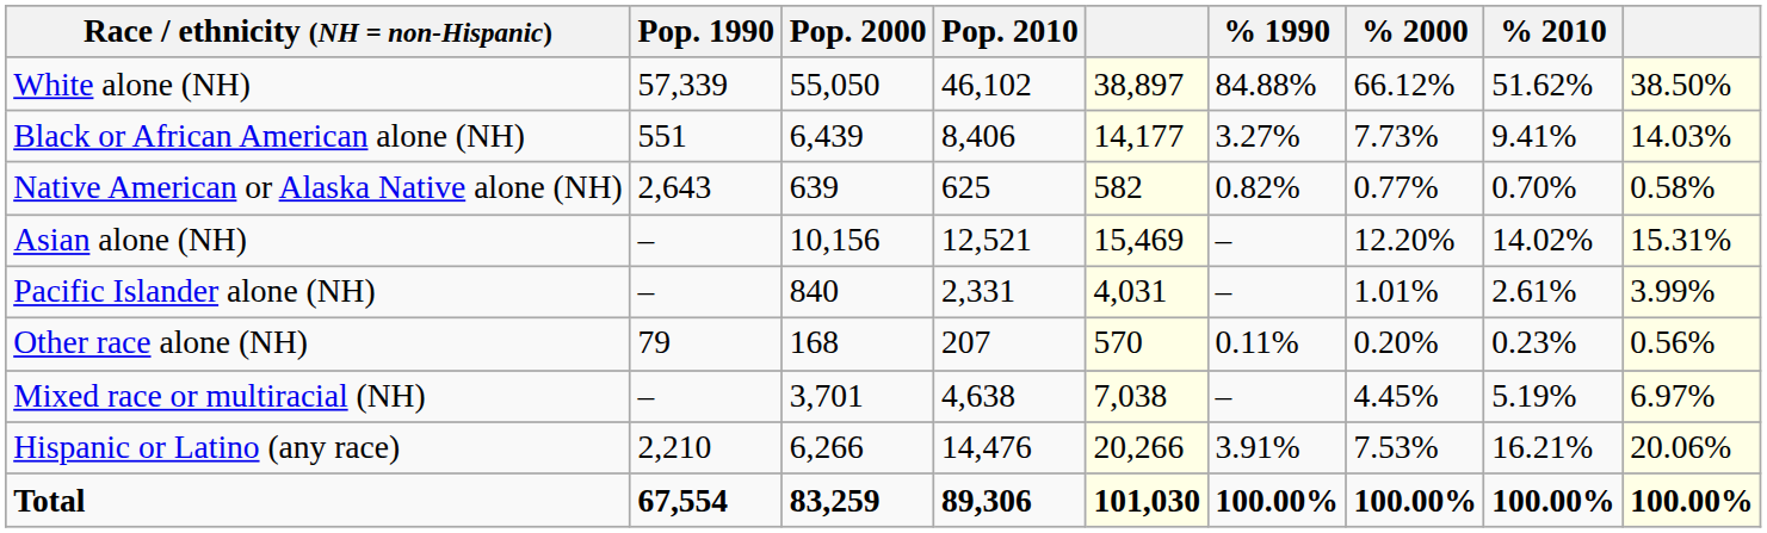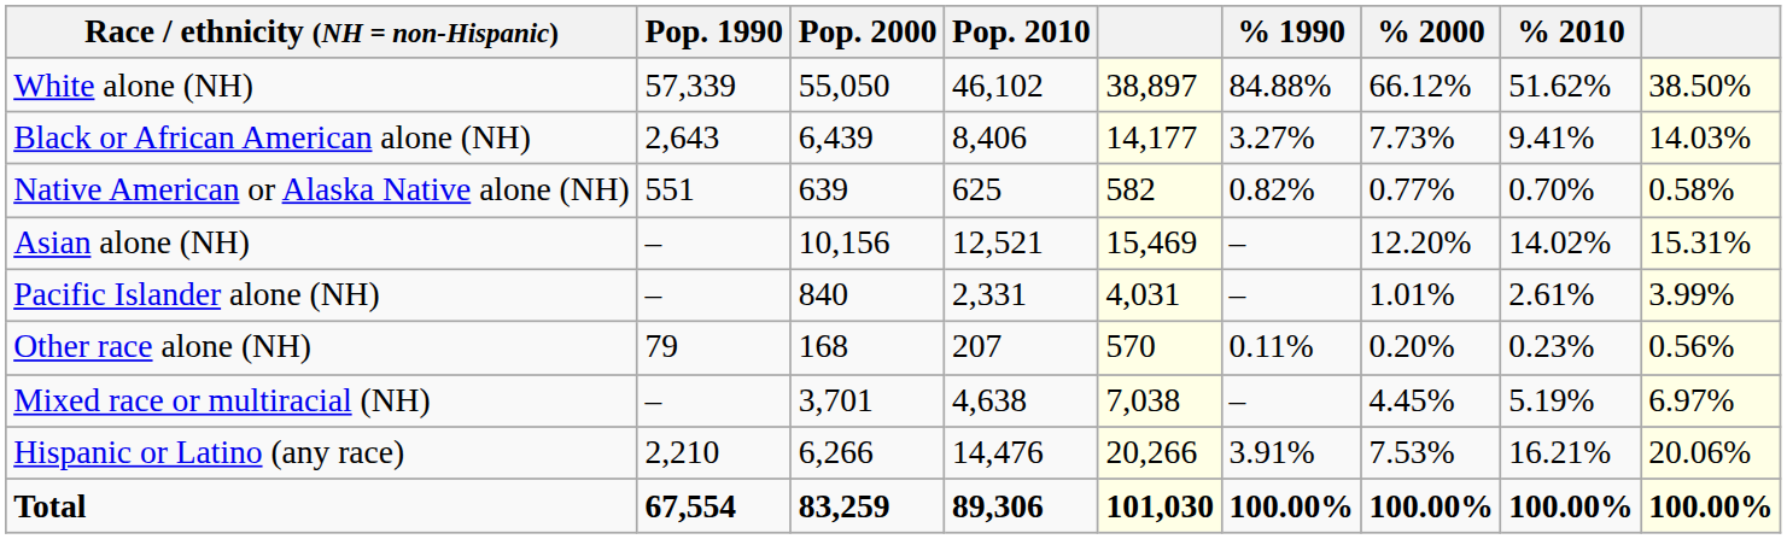 <table class="wikitable">
 <tr>
 <th>Race / ethnicity <small>(<em>NH = non-Hispanic</em>)</small></th>
 <th>Pop. 1990</th>
 <th>Pop. 2000</th>
 <th>Pop. 2010</th>
 <th></th>
 <th>% 1990</th>
 <th>% 2000</th>
 <th>% 2010</th>
 <th></th>
 </tr>
 <tr>
 <td><a href='#'>White</a> alone (NH)</td>
 <td>57,339</td>
 <td>55,050</td>
 <td>46,102</td>
 <td style='background: #ffffe6;'>38,897</td>
 <td>84.88%</td>
 <td>66.12%</td>
 <td>51.62%</td>
 <td style='background: #ffffe6;'>38.50%</td>
 </tr>
 <tr>
 <td><a href='#'>Black or African American</a> alone (NH)</td>
-<td>551</td>
+<td>2,643</td>
 <td>6,439</td>
 <td>8,406</td>
 <td style='background: #ffffe6;'>14,177</td>
 <td>3.27%</td>
 <td>7.73%</td>
 <td>9.41%</td>
 <td style='background: #ffffe6;'>14.03%</td>
 </tr>
 <tr>
 <td><a href='#'>Native American</a> or <a href='#'>Alaska Native</a> alone (NH)</td>
-<td>2,643</td>
+<td>551</td>
 <td>639</td>
 <td>625</td>
 <td style='background: #ffffe6;'>582</td>
 <td>0.82%</td>
 <td>0.77%</td>
 <td>0.70%</td>
 <td style='background: #ffffe6;'>0.58%</td>
 </tr>
 <tr>
 <td><a href='#'>Asian</a> alone (NH)</td>
 <td>–</td>
 <td>10,156</td>
 <td>12,521</td>
 <td style='background: #ffffe6;'>15,469</td>
 <td>–</td>
 <td>12.20%</td>
 <td>14.02%</td>
 <td style='background: #ffffe6;'>15.31%</td>
 </tr>
 <tr>
 <td><a href='#'>Pacific Islander</a> alone (NH)</td>
 <td>–</td>
 <td>840</td>
 <td>2,331</td>
 <td style='background: #ffffe6;'>4,031</td>
 <td>–</td>
 <td>1.01%</td>
 <td>2.61%</td>
 <td style='background: #ffffe6;'>3.99%</td>
 </tr>
 <tr>
 <td><a href='#'>Other race</a> alone (NH)</td>
 <td>79</td>
 <td>168</td>
 <td>207</td>
 <td style='background: #ffffe6;'>570</td>
 <td>0.11%</td>
 <td>0.20%</td>
 <td>0.23%</td>
 <td style='background: #ffffe6;'>0.56%</td>
 </tr>
 <tr>
 <td><a href='#'>Mixed race or multiracial</a> (NH)</td>
 <td>–</td>
 <td>3,701</td>
 <td>4,638</td>
 <td style='background: #ffffe6;'>7,038</td>
 <td>–</td>
 <td>4.45%</td>
 <td>5.19%</td>
 <td style='background: #ffffe6;'>6.97%</td>
 </tr>
 <tr>
 <td><a href='#'>Hispanic or Latino</a> (any race)</td>
 <td>2,210</td>
 <td>6,266</td>
 <td>14,476</td>
 <td style='background: #ffffe6;'>20,266</td>
 <td>3.91%</td>
 <td>7.53%</td>
 <td>16.21%</td>
 <td style='background: #ffffe6;'>20.06%</td>
 </tr>
 <tr>
 <td><strong>Total</strong></td>
 <td><strong>67,554</strong></td>
 <td><strong>83,259</strong></td>
 <td><strong>89,306</strong></td>
 <td style='background: #ffffe6;'><strong>101,030</strong></td>
 <td><strong>100.00%</strong></td>
 <td><strong>100.00%</strong></td>
 <td><strong>100.00%</strong></td>
 <td style='background: #ffffe6;'><strong>100.00%</strong></td>
 </tr>
 </table>
